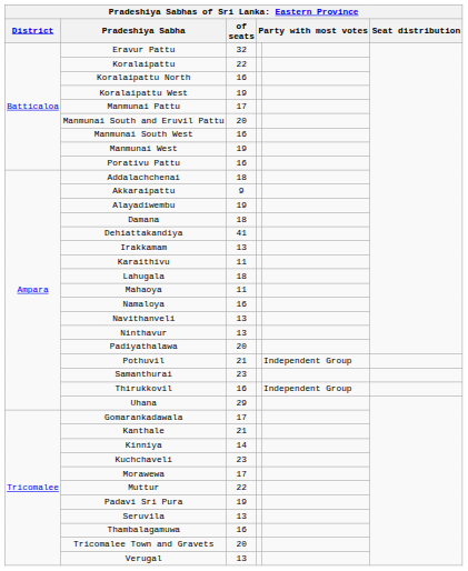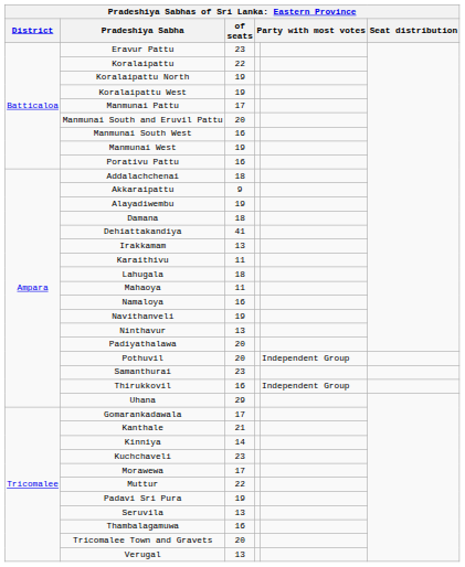 <table class="wikitable sortable sticky-header-multi mw-collapsible mw-collapsed" style="font-size:100%; text-align:center">
 <tr>
 <th colspan=6>Pradeshiya Sabhas of Sri Lanka: <a href='#'>Eastern Province</a></th>
 </tr>
 <tr>
 <th><a href='#'>District</a></th>
 <th>Pradeshiya Sabha</th>
 <th> of<br>seats</th>
 <th colspan=2>Party with most votes</th>
 <th class="unsortable">Seat distribution</th>
 </tr>
 <tr>
 <td rowspan=9><a href='#'>Batticaloa</a></td>
 <td>Eravur Pattu</td>
-<td>32</td>
+<td>23</td>
 <td></td>
 <td></td>
 </tr>
 <tr>
 <td>Koralaipattu</td>
 <td>22</td>
 <td></td>
 <td></td>
 </tr>
 <tr>
 <td>Koralaipattu North</td>
-<td>16</td>
+<td>19</td>
 <td></td>
 <td></td>
 </tr>
 <tr>
 <td>Koralaipattu West</td>
 <td>19</td>
 <td></td>
 <td></td>
 </tr>
 <tr>
 <td>Manmunai Pattu</td>
 <td>17</td>
 <td></td>
 <td></td>
 </tr>
 <tr>
 <td>Manmunai South and Eruvil Pattu</td>
 <td>20</td>
 <td></td>
 <td></td>
 </tr>
 <tr>
 <td>Manmunai South West</td>
 <td>16</td>
 <td></td>
 <td></td>
 </tr>
 <tr>
 <td>Manmunai West</td>
 <td>19</td>
 <td></td>
 <td></td>
 </tr>
 <tr>
 <td>Porativu Pattu</td>
 <td>16</td>
 <td></td>
 <td></td>
 </tr>
 <tr>
 <td rowspan=17><a href='#'>Ampara</a></td>
 <td>Addalachchenai</td>
 <td>18</td>
 <td></td>
 <td></td>
 </tr>
 <tr>
 <td>Akkaraipattu</td>
 <td>9</td>
 <td></td>
 <td></td>
 </tr>
 <tr>
 <td>Alayadiwembu</td>
 <td>19</td>
 <td></td>
 <td></td>
 </tr>
 <tr>
 <td>Damana</td>
 <td>18</td>
 <td></td>
 <td></td>
 </tr>
 <tr>
 <td>Dehiattakandiya</td>
 <td>41</td>
 <td></td>
 <td></td>
 </tr>
 <tr>
 <td>Irakkamam</td>
 <td>13</td>
 <td></td>
 <td></td>
 </tr>
 <tr>
 <td>Karaithivu</td>
 <td>11</td>
 <td></td>
 <td></td>
 </tr>
 <tr>
 <td>Lahugala</td>
 <td>18</td>
 <td></td>
 <td></td>
 </tr>
 <tr>
 <td>Mahaoya</td>
 <td>11</td>
 <td></td>
 <td></td>
 </tr>
 <tr>
 <td>Namaloya</td>
 <td>16</td>
 <td></td>
 <td></td>
 </tr>
 <tr>
 <td>Navithanveli</td>
-<td>13</td>
+<td>19</td>
 <td></td>
 <td></td>
 </tr>
 <tr>
 <td>Ninthavur</td>
 <td>13</td>
 <td></td>
 <td></td>
 </tr>
 <tr>
 <td>Padiyathalawa</td>
 <td>20</td>
 <td></td>
 <td></td>
 </tr>
 <tr>
 <td>Pothuvil</td>
-<td>21</td>
+<td>20</td>
 <td style="background:"></td>
 <td align=left>Independent Group</td>
 <td></td>
 </tr>
 <tr>
 <td>Samanthurai</td>
 <td>23</td>
 <td></td>
 <td></td>
 </tr>
 <tr>
 <td>Thirukkovil</td>
 <td>16</td>
 <td style="background:"></td>
 <td align=left>Independent Group</td>
 <td></td>
 </tr>
 <tr>
 <td>Uhana</td>
 <td>29</td>
 <td></td>
 <td></td>
 </tr>
 <tr>
 <td rowspan=11><a href='#'>Tricomalee</a></td>
 <td>Gomarankadawala</td>
 <td>17</td>
 <td></td>
 <td></td>
 </tr>
 <tr>
 <td>Kanthale</td>
 <td>21</td>
 <td></td>
 <td></td>
 </tr>
 <tr>
 <td>Kinniya</td>
 <td>14</td>
 <td></td>
 <td></td>
 </tr>
 <tr>
 <td>Kuchchaveli</td>
 <td>23</td>
 <td></td>
 <td></td>
 </tr>
 <tr>
 <td>Morawewa</td>
 <td>17</td>
 <td></td>
 <td></td>
 </tr>
 <tr>
 <td>Muttur</td>
 <td>22</td>
 <td></td>
 <td></td>
 </tr>
 <tr>
 <td>Padavi Sri Pura</td>
 <td>19</td>
 <td></td>
 <td></td>
 </tr>
 <tr>
 <td>Seruvila</td>
 <td>13</td>
 <td></td>
 <td></td>
 </tr>
 <tr>
 <td>Thambalagamuwa</td>
 <td>16</td>
 <td></td>
 <td></td>
 </tr>
 <tr>
 <td>Tricomalee Town and Gravets</td>
 <td>20</td>
 <td></td>
 <td></td>
 </tr>
 <tr>
 <td>Verugal</td>
 <td>13</td>
 <td></td>
 <td></td>
 </tr>
 </table>
